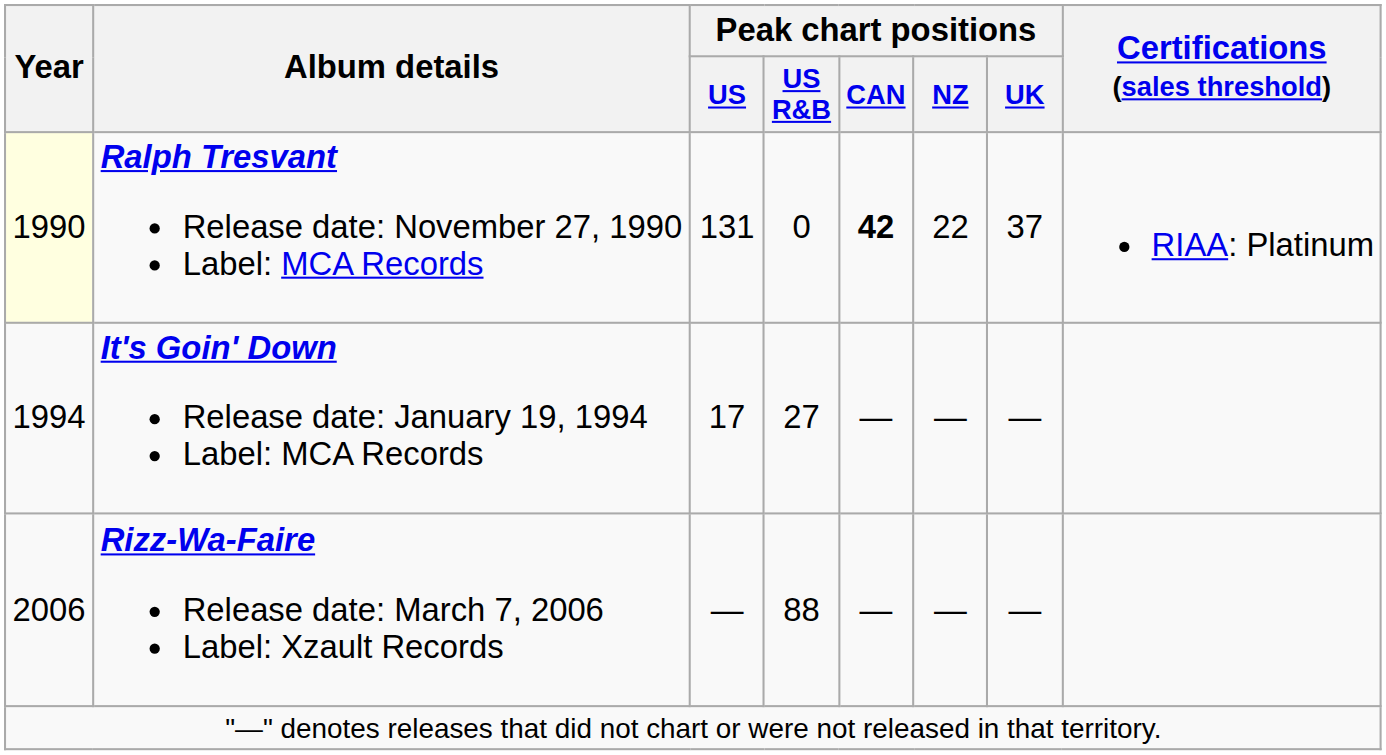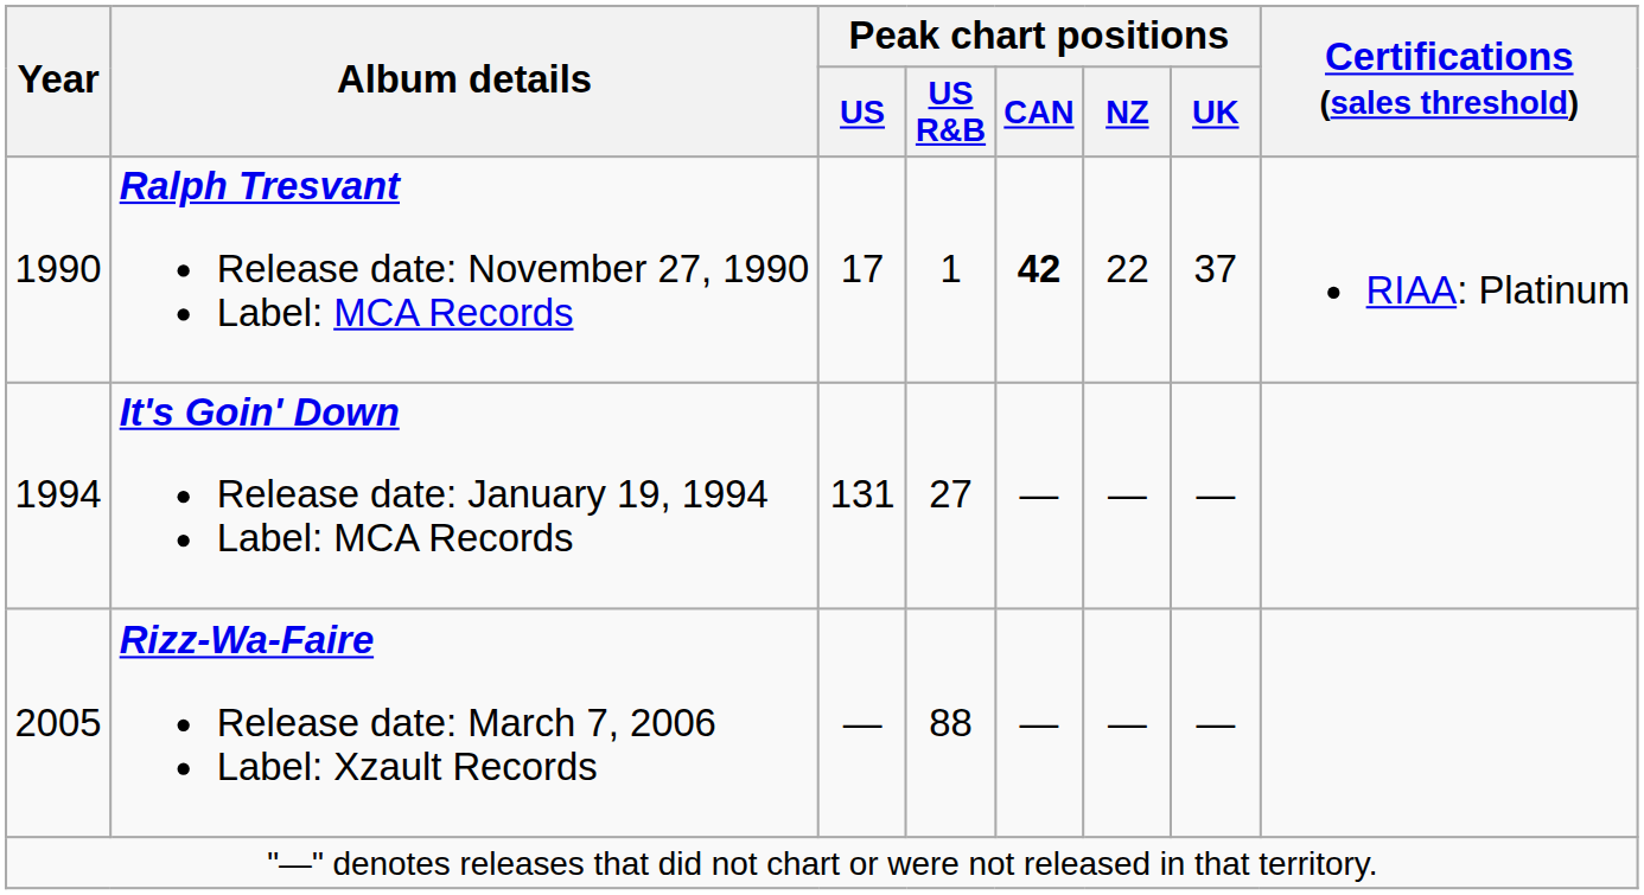 <table class="wikitable" style="text-align:center;">
 <tr>
 <th rowspan="2">Year</th>
 <th rowspan="2">Album details</th>
 <th colspan="5">Peak chart positions</th>
 <th rowspan="2"><a href='#'>Certifications</a><br><small>(<a href='#'>sales threshold</a>)</small></th>
 </tr>
 <tr style="font-size:smaller;">
 <th width="30"><a href='#'>US</a><br></th>
 <th width="30"><a href='#'>US R&B</a><br></th>
 <th width="30"><a href='#'>CAN</a><br></th>
 <th width="30"><a href='#'>NZ</a><br></th>
 <th width="30"><a href='#'>UK</a><br></th>
 </tr>
 <tr>
-<td style="background: lightyellow;">1990</td>
+<td>1990</td>
 <td align="left"><strong><em><a href='#'>Ralph Tresvant</a></em></strong><br><ul><li>Release date: November 27, 1990</li><li>Label: <a href='#'>MCA Records</a></li></ul></td>
-<td>131</td>
-<td>0</td>
+<td>17</td>
+<td>1</td>
 <td><strong>42</strong></td>
 <td>22</td>
 <td>37</td>
 <td align="left"><br><ul><li><a href='#'>RIAA</a>: Platinum</li></ul></td>
 </tr>
 <tr>
 <td>1994</td>
 <td align="left"><strong><em><a href='#'>It's Goin' Down</a></em></strong><br><ul><li>Release date: January 19, 1994</li><li>Label: MCA Records</li></ul></td>
-<td>17</td>
+<td>131</td>
 <td>27</td>
 <td>—</td>
 <td>—</td>
 <td>—</td>
 <td></td>
 </tr>
 <tr>
-<td>2006</td>
+<td>2005</td>
 <td align="left"><strong><em><a href='#'>Rizz-Wa-Faire</a></em></strong><br><ul><li>Release date: March 7, 2006</li><li>Label: Xzault Records</li></ul></td>
 <td>—</td>
 <td>88</td>
 <td>—</td>
 <td>—</td>
 <td>—</td>
 <td></td>
 </tr>
 <tr>
 <td colspan="8" style="text-align:center; font-size:85%">"—" denotes releases that did not chart or were not released in that territory.</td>
 </tr>
 </table>
